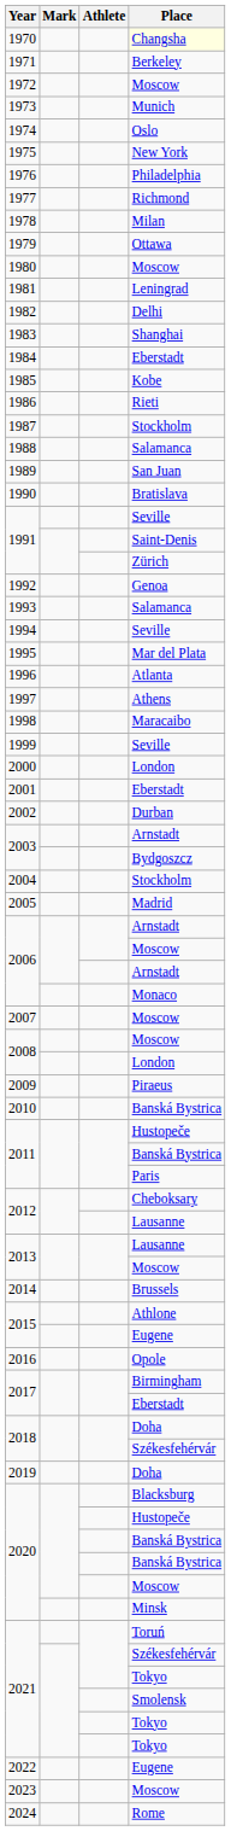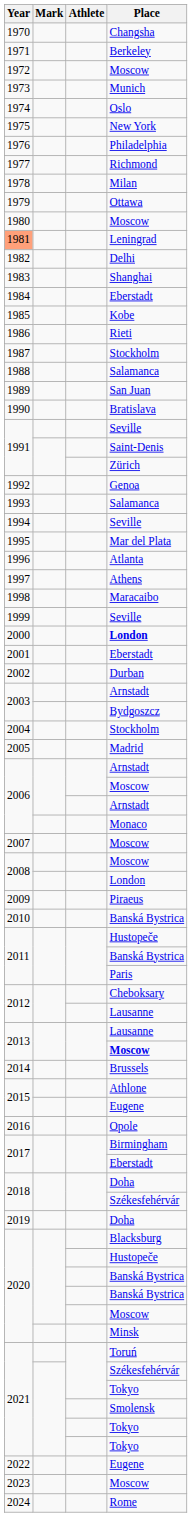 <table class="wikitable sortable" style="font-size:85%;">
 <tr>
 <th>Year</th>
 <th>Mark</th>
 <th>Athlete</th>
 <th>Place</th>
 </tr>
 <tr>
 <td>1970</td>
 <td></td>
 <td></td>
-<td style="background: lightyellow;"><a href='#'>Changsha</a></td>
+<td><a href='#'>Changsha</a></td>
 </tr>
 <tr>
 <td>1971</td>
 <td></td>
 <td></td>
 <td><a href='#'>Berkeley</a></td>
 </tr>
 <tr>
 <td>1972</td>
 <td></td>
 <td></td>
 <td><a href='#'>Moscow</a></td>
 </tr>
 <tr>
 <td>1973</td>
 <td></td>
 <td></td>
 <td><a href='#'>Munich</a></td>
 </tr>
 <tr>
 <td>1974</td>
 <td></td>
 <td></td>
 <td><a href='#'>Oslo</a></td>
 </tr>
 <tr>
 <td>1975</td>
 <td></td>
 <td></td>
 <td><a href='#'>New York</a></td>
 </tr>
 <tr>
 <td>1976</td>
 <td></td>
 <td></td>
 <td><a href='#'>Philadelphia</a></td>
 </tr>
 <tr>
 <td>1977</td>
 <td></td>
 <td></td>
 <td><a href='#'>Richmond</a></td>
 </tr>
 <tr>
 <td>1978</td>
 <td> </td>
 <td></td>
 <td><a href='#'>Milan</a></td>
 </tr>
 <tr>
 <td>1979</td>
 <td></td>
 <td></td>
 <td><a href='#'>Ottawa</a></td>
 </tr>
 <tr>
 <td>1980</td>
 <td></td>
 <td></td>
 <td><a href='#'>Moscow</a></td>
 </tr>
 <tr>
-<td>1981</td>
+<td style="background: lightsalmon;">1981</td>
 <td></td>
 <td></td>
 <td><a href='#'>Leningrad</a></td>
 </tr>
 <tr>
 <td>1982</td>
 <td></td>
 <td></td>
 <td><a href='#'>Delhi</a></td>
 </tr>
 <tr>
 <td>1983</td>
 <td></td>
 <td></td>
 <td><a href='#'>Shanghai</a></td>
 </tr>
 <tr>
 <td>1984</td>
 <td></td>
 <td></td>
 <td><a href='#'>Eberstadt</a></td>
 </tr>
 <tr>
 <td>1985</td>
 <td></td>
 <td></td>
 <td><a href='#'>Kobe</a></td>
 </tr>
 <tr>
 <td>1986</td>
 <td></td>
 <td></td>
 <td><a href='#'>Rieti</a></td>
 </tr>
 <tr>
 <td>1987</td>
 <td></td>
 <td></td>
 <td><a href='#'>Stockholm</a></td>
 </tr>
 <tr>
 <td>1988</td>
 <td></td>
 <td></td>
 <td><a href='#'>Salamanca</a></td>
 </tr>
 <tr>
 <td>1989</td>
 <td></td>
 <td></td>
 <td><a href='#'>San Juan</a></td>
 </tr>
 <tr>
 <td>1990</td>
 <td></td>
 <td></td>
 <td><a href='#'>Bratislava</a></td>
 </tr>
 <tr>
 <td rowspan=3>1991</td>
 <td> </td>
 <td></td>
 <td><a href='#'>Seville</a></td>
 </tr>
 <tr>
 <td rowspan=2></td>
 <td></td>
 <td><a href='#'>Saint-Denis</a></td>
 </tr>
 <tr>
 <td></td>
 <td><a href='#'>Zürich</a></td>
 </tr>
 <tr>
 <td>1992</td>
 <td> </td>
 <td></td>
 <td><a href='#'>Genoa</a></td>
 </tr>
 <tr>
 <td>1993</td>
 <td></td>
 <td></td>
 <td><a href='#'>Salamanca</a></td>
 </tr>
 <tr>
 <td>1994</td>
 <td></td>
 <td></td>
 <td><a href='#'>Seville</a></td>
 </tr>
 <tr>
 <td>1995</td>
 <td></td>
 <td></td>
 <td><a href='#'>Mar del Plata</a></td>
 </tr>
 <tr>
 <td>1996</td>
 <td></td>
 <td></td>
 <td><a href='#'>Atlanta</a></td>
 </tr>
 <tr>
 <td>1997</td>
 <td></td>
 <td></td>
 <td><a href='#'>Athens</a></td>
 </tr>
 <tr>
 <td>1998</td>
 <td></td>
 <td></td>
 <td><a href='#'>Maracaibo</a></td>
 </tr>
 <tr>
 <td>1999</td>
 <td></td>
 <td></td>
 <td><a href='#'>Seville</a></td>
 </tr>
 <tr>
 <td>2000</td>
 <td></td>
 <td></td>
-<td><a href='#'>London</a></td>
+<td><strong><a href='#'>London</a></strong></td>
 </tr>
 <tr>
 <td>2001</td>
 <td></td>
 <td></td>
 <td><a href='#'>Eberstadt</a></td>
 </tr>
 <tr>
 <td>2002</td>
 <td></td>
 <td></td>
 <td><a href='#'>Durban</a></td>
 </tr>
 <tr>
 <td rowspan=2>2003</td>
 <td> </td>
 <td></td>
 <td><a href='#'>Arnstadt</a></td>
 </tr>
 <tr>
 <td></td>
 <td></td>
 <td><a href='#'>Bydgoszcz</a></td>
 </tr>
 <tr>
 <td>2004</td>
 <td> </td>
 <td></td>
 <td><a href='#'>Stockholm</a></td>
 </tr>
 <tr>
 <td>2005</td>
 <td> </td>
 <td></td>
 <td><a href='#'>Madrid</a></td>
 </tr>
 <tr>
 <td rowspan=4>2006</td>
 <td rowspan=3> </td>
 <td rowspan=2></td>
 <td><a href='#'>Arnstadt</a></td>
 </tr>
 <tr>
 <td><a href='#'>Moscow</a></td>
 </tr>
 <tr>
 <td></td>
 <td><a href='#'>Arnstadt</a></td>
 </tr>
 <tr>
 <td></td>
 <td></td>
 <td><a href='#'>Monaco</a></td>
 </tr>
 <tr>
 <td>2007</td>
 <td> </td>
 <td></td>
 <td><a href='#'>Moscow</a></td>
 </tr>
 <tr>
 <td rowspan=2>2008</td>
 <td> </td>
 <td></td>
 <td><a href='#'>Moscow</a></td>
 </tr>
 <tr>
 <td></td>
 <td></td>
 <td><a href='#'>London</a></td>
 </tr>
 <tr>
 <td>2009</td>
 <td> </td>
 <td></td>
 <td><a href='#'>Piraeus</a></td>
 </tr>
 <tr>
 <td>2010</td>
 <td> </td>
 <td></td>
 <td><a href='#'>Banská Bystrica</a></td>
 </tr>
 <tr>
 <td rowspan=3>2011</td>
 <td rowspan=3> </td>
 <td rowspan=3></td>
 <td><a href='#'>Hustopeče</a></td>
 </tr>
 <tr>
 <td><a href='#'>Banská Bystrica</a></td>
 </tr>
 <tr>
 <td><a href='#'>Paris</a></td>
 </tr>
 <tr>
 <td rowspan=2>2012</td>
 <td rowspan=2></td>
 <td></td>
 <td><a href='#'>Cheboksary</a></td>
 </tr>
 <tr>
 <td></td>
 <td><a href='#'>Lausanne</a></td>
 </tr>
 <tr>
 <td rowspan=2>2013</td>
 <td rowspan=2></td>
 <td rowspan=2></td>
 <td><a href='#'>Lausanne</a></td>
 </tr>
 <tr>
-<td><a href='#'>Moscow</a></td>
+<td><strong><a href='#'>Moscow</a></strong></td>
 </tr>
 <tr>
 <td>2014</td>
 <td></td>
 <td></td>
 <td><a href='#'>Brussels</a></td>
 </tr>
 <tr>
 <td rowspan=2>2015</td>
 <td> </td>
 <td></td>
 <td><a href='#'>Athlone</a></td>
 </tr>
 <tr>
 <td></td>
 <td></td>
 <td><a href='#'>Eugene</a></td>
 </tr>
 <tr>
 <td>2016</td>
 <td></td>
 <td></td>
 <td><a href='#'>Opole</a></td>
 </tr>
 <tr>
 <td rowspan=2>2017</td>
 <td rowspan=2></td>
 <td rowspan=2></td>
 <td><a href='#'>Birmingham</a></td>
 </tr>
 <tr>
 <td><a href='#'>Eberstadt</a></td>
 </tr>
 <tr>
 <td rowspan=2>2018</td>
 <td rowspan=2></td>
 <td rowspan=2></td>
 <td><a href='#'>Doha</a></td>
 </tr>
 <tr>
 <td><a href='#'>Székesfehérvár</a></td>
 </tr>
 <tr>
 <td>2019</td>
 <td></td>
 <td></td>
 <td><a href='#'>Doha</a></td>
 </tr>
 <tr>
 <td rowspan=6>2020</td>
 <td rowspan=5> </td>
 <td></td>
 <td><a href='#'>Blacksburg</a></td>
 </tr>
 <tr>
 <td></td>
 <td><a href='#'>Hustopeče</a></td>
 </tr>
 <tr>
 <td></td>
 <td><a href='#'>Banská Bystrica</a></td>
 </tr>
 <tr>
 <td></td>
 <td><a href='#'>Banská Bystrica</a></td>
 </tr>
 <tr>
 <td></td>
 <td><a href='#'>Moscow</a></td>
 </tr>
 <tr>
 <td></td>
 <td></td>
 <td><a href='#'>Minsk</a></td>
 </tr>
 <tr>
 <td rowspan=6>2021</td>
 <td> </td>
 <td rowspan=3></td>
 <td><a href='#'>Toruń</a></td>
 </tr>
 <tr>
 <td rowspan=5></td>
 <td><a href='#'>Székesfehérvár</a></td>
 </tr>
 <tr>
 <td><a href='#'>Tokyo</a></td>
 </tr>
 <tr>
 <td></td>
 <td><a href='#'>Smolensk</a></td>
 </tr>
 <tr>
 <td></td>
 <td><a href='#'>Tokyo</a></td>
 </tr>
 <tr>
 <td></td>
 <td><a href='#'>Tokyo</a></td>
 </tr>
 <tr>
 <td>2022</td>
 <td></td>
 <td></td>
 <td><a href='#'>Eugene</a></td>
 </tr>
 <tr>
 <td>2023</td>
 <td> </td>
 <td></td>
 <td><a href='#'>Moscow</a></td>
 </tr>
 <tr>
 <td>2024</td>
 <td></td>
 <td></td>
 <td><a href='#'>Rome</a></td>
 </tr>
 </table>
